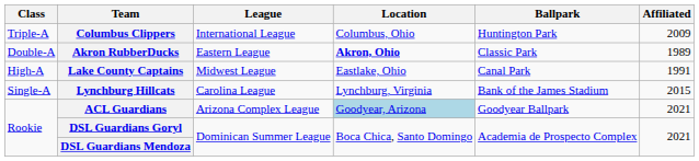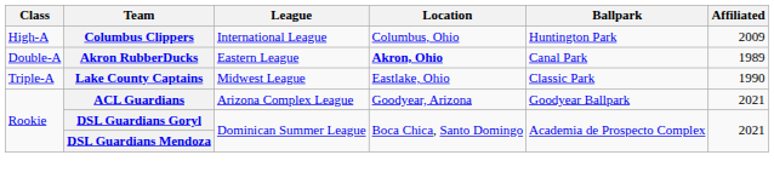 <table class="wikitable plainrowheaders sortable">
 <tr>
 <th scope="col">Class</th>
 <th scope="col">Team</th>
 <th scope="col">League</th>
 <th scope="col">Location</th>
 <th scope="col">Ballpark</th>
 <th scope="col">Affiliated</th>
 </tr>
 <tr>
-<td><a href='#'>Triple-A</a></td>
+<td><a href='#'>High-A</a></td>
 <th scope="row"><a href='#'>Columbus Clippers</a></th>
 <td><a href='#'>International League</a></td>
 <td><a href='#'>Columbus, Ohio</a></td>
 <td><a href='#'>Huntington Park</a></td>
 <td align="right">2009</td>
 </tr>
 <tr>
 <td><a href='#'>Double-A</a></td>
 <th scope="row"><a href='#'>Akron RubberDucks</a></th>
 <td><a href='#'>Eastern League</a></td>
 <td><strong><a href='#'>Akron, Ohio</a></strong></td>
-<td><a href='#'>Classic Park</a></td>
+<td><a href='#'>Canal Park</a></td>
 <td align="right">1989</td>
 </tr>
 <tr>
-<td><a href='#'>High-A</a></td>
+<td><a href='#'>Triple-A</a></td>
 <th scope="row"><a href='#'>Lake County Captains</a></th>
 <td><a href='#'>Midwest League</a></td>
 <td><a href='#'>Eastlake, Ohio</a></td>
-<td><a href='#'>Canal Park</a></td>
-<td align="right">1991</td>
-</tr>
-<tr>
-<td><a href='#'>Single-A</a></td>
-<th scope="row"><a href='#'>Lynchburg Hillcats</a></th>
-<td><a href='#'>Carolina League</a></td>
-<td><a href='#'>Lynchburg, Virginia</a></td>
-<td><a href='#'>Bank of the James Stadium</a></td>
-<td align="right">2015</td>
+<td><a href='#'>Classic Park</a></td>
+<td align="right">1990</td>
 </tr>
 <tr>
 <td rowspan=3><a href='#'>Rookie</a></td>
 <th scope="row"><a href='#'>ACL Guardians</a></th>
 <td><a href='#'>Arizona Complex League</a></td>
-<td style="background: lightblue;"><a href='#'>Goodyear, Arizona</a></td>
+<td><a href='#'>Goodyear, Arizona</a></td>
 <td><a href='#'>Goodyear Ballpark</a></td>
 <td align="right">2021</td>
 </tr>
 <tr>
 <th scope="row"><a href='#'>DSL Guardians Goryl</a></th>
 <td rowspan=2><a href='#'>Dominican Summer League</a></td>
 <td rowspan=2><a href='#'>Boca Chica</a>, <a href='#'>Santo Domingo</a></td>
 <td rowspan=2><a href='#'>Academia de Prospecto Complex</a></td>
 <td rowspan=2 align="right">2021</td>
 </tr>
 <tr>
 <th scope="row"><a href='#'>DSL Guardians Mendoza</a></th>
 </tr>
 </table>
